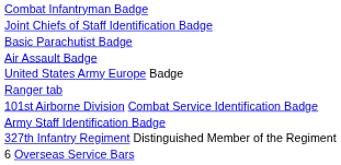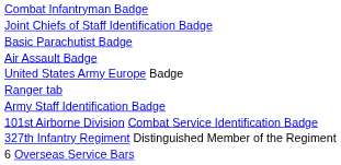 <table>
 <tr>
 <td> <a href='#'>Combat Infantryman Badge</a></td>
 </tr>
 <tr>
 <td> <a href='#'>Joint Chiefs of Staff Identification Badge</a></td>
 </tr>
 <tr>
 <td> <a href='#'>Basic Parachutist Badge</a></td>
 </tr>
 <tr>
 <td> <a href='#'>Air Assault Badge</a></td>
 </tr>
 <tr>
 <td> <a href='#'>United States Army Europe</a> Badge</td>
 </tr>
 <tr>
 <td> <a href='#'>Ranger tab</a></td>
 </tr>
 <tr>
-<td> <a href='#'>101st Airborne Division</a> <a href='#'>Combat Service Identification Badge</a></td>
+<td> <a href='#'>Army Staff Identification Badge</a></td>
 </tr>
 <tr>
-<td> <a href='#'>Army Staff Identification Badge</a></td>
+<td> <a href='#'>101st Airborne Division</a> <a href='#'>Combat Service Identification Badge</a></td>
 </tr>
 <tr>
 <td> <a href='#'>327th Infantry Regiment</a> Distinguished Member of the Regiment</td>
 </tr>
 <tr>
 <td> 6 <a href='#'>Overseas Service Bars</a></td>
 </tr>
 </table>
